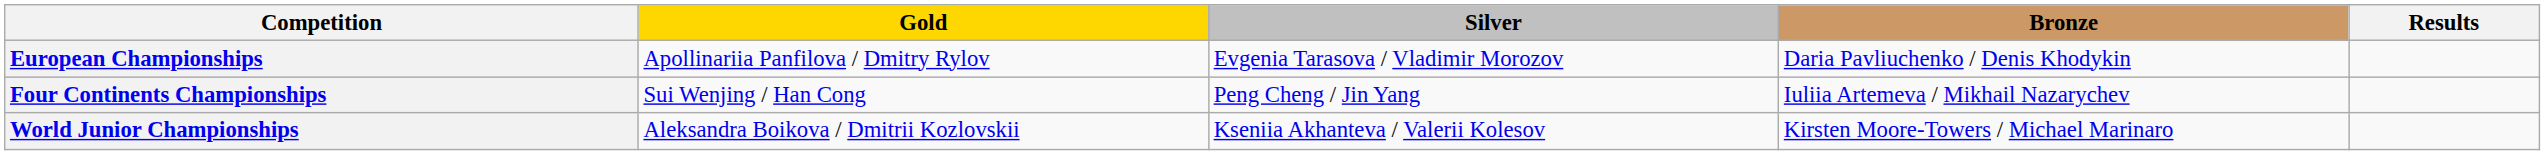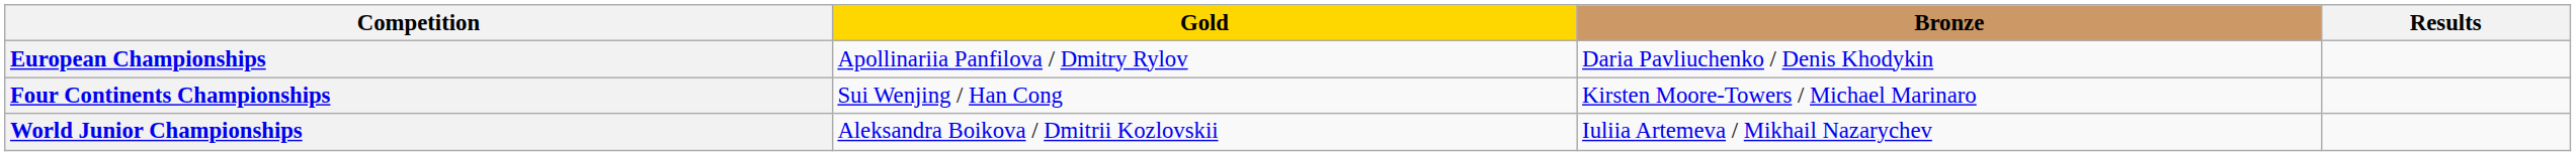 <table class="wikitable unsortable" style="text-align:left; width:90%;">
 <tr>
 <th scope="col" style="text-align:center; width:25%;">Competition</th>
 <td scope="col" style="text-align:center; width:22.5%; background:gold"><strong>Gold</strong></td>
-<td scope="col" style="text-align:center; width:22.5%; background:silver"><strong>Silver</strong></td>
 <td scope="col" style="text-align:center; width:22.5%; background:#c96"><strong>Bronze</strong></td>
 <th scope="col" style="text-align:center; width:7.5%;">Results</th>
 </tr>
 <tr>
 <th scope="row" style="text-align:left"> <a href='#'>European Championships</a></th>
 <td> <a href='#'>Apollinariia Panfilova</a> / <a href='#'>Dmitry Rylov</a></td>
-<td> <a href='#'>Evgenia Tarasova</a> / <a href='#'>Vladimir Morozov</a></td>
 <td> <a href='#'>Daria Pavliuchenko</a> / <a href='#'>Denis Khodykin</a></td>
 <td></td>
 </tr>
 <tr>
 <th scope="row" style="text-align:left"> <a href='#'>Four Continents Championships</a></th>
 <td> <a href='#'>Sui Wenjing</a> / <a href='#'>Han Cong</a></td>
-<td> <a href='#'>Peng Cheng</a> / <a href='#'>Jin Yang</a></td>
-<td> <a href='#'>Iuliia Artemeva</a> / <a href='#'>Mikhail Nazarychev</a></td>
+<td> <a href='#'>Kirsten Moore-Towers</a> / <a href='#'>Michael Marinaro</a></td>
 <td></td>
 </tr>
 <tr>
 <th scope="row" style="text-align:left"> <a href='#'>World Junior Championships</a></th>
 <td> <a href='#'>Aleksandra Boikova</a> / <a href='#'>Dmitrii Kozlovskii</a></td>
-<td> <a href='#'>Kseniia Akhanteva</a> / <a href='#'>Valerii Kolesov</a></td>
-<td> <a href='#'>Kirsten Moore-Towers</a> / <a href='#'>Michael Marinaro</a></td>
+<td> <a href='#'>Iuliia Artemeva</a> / <a href='#'>Mikhail Nazarychev</a></td>
 <td></td>
 </tr>
 </table>
